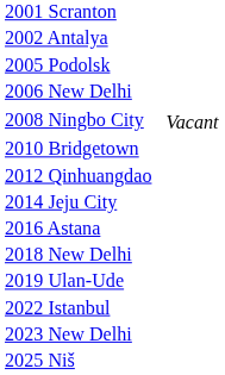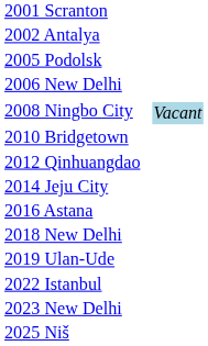 <table>
 <tr>
 <td rowspan=2><a href='#'>2001 Scranton</a></td>
 <td rowspan=2></td>
 <td rowspan=2></td>
 <td></td>
 </tr>
 <tr>
 <td></td>
 </tr>
 <tr>
 <td rowspan=2><a href='#'>2002 Antalya</a></td>
 <td rowspan=2></td>
 <td rowspan=2></td>
 <td></td>
 </tr>
 <tr>
 <td></td>
 </tr>
 <tr>
 <td rowspan=2><a href='#'>2005 Podolsk</a></td>
 <td rowspan=2></td>
 <td rowspan=2></td>
 <td></td>
 </tr>
 <tr>
 <td></td>
 </tr>
 <tr>
 <td rowspan=2><a href='#'>2006 New Delhi</a></td>
 <td rowspan=2></td>
 <td rowspan=2></td>
 <td></td>
 </tr>
 <tr>
 <td></td>
 </tr>
 <tr>
 <td rowspan=2><a href='#'>2008 Ningbo City</a></td>
 <td rowspan=2></td>
 <td rowspan=2></td>
 <td></td>
 </tr>
 <tr>
-<td><em>Vacant</em></td>
+<td style="background: lightblue;"><em>Vacant</em></td>
 </tr>
 <tr>
 <td rowspan=2><a href='#'>2010 Bridgetown</a></td>
 <td rowspan=2></td>
 <td rowspan=2></td>
 <td></td>
 </tr>
 <tr>
 <td></td>
 </tr>
 <tr>
 <td rowspan=2><a href='#'>2012 Qinhuangdao</a></td>
 <td rowspan=2></td>
 <td rowspan=2></td>
 <td></td>
 </tr>
 <tr>
 <td></td>
 </tr>
 <tr>
 <td rowspan=2><a href='#'>2014 Jeju City</a></td>
 <td rowspan=2></td>
 <td rowspan=2></td>
 <td></td>
 </tr>
 <tr>
 <td></td>
 </tr>
 <tr>
 <td rowspan=2><a href='#'>2016 Astana</a></td>
 <td rowspan=2></td>
 <td rowspan=2></td>
 <td></td>
 </tr>
 <tr>
 <td></td>
 </tr>
 <tr>
 <td rowspan=2><a href='#'>2018 New Delhi</a></td>
 <td rowspan=2></td>
 <td rowspan=2></td>
 <td></td>
 </tr>
 <tr>
 <td></td>
 </tr>
 <tr>
 <td rowspan=2><a href='#'>2019 Ulan-Ude</a></td>
 <td rowspan=2></td>
 <td rowspan=2></td>
 <td></td>
 </tr>
 <tr>
 <td></td>
 </tr>
 <tr>
 <td rowspan=2><a href='#'>2022 Istanbul</a></td>
 <td rowspan=2></td>
 <td rowspan=2></td>
 <td></td>
 </tr>
 <tr>
 <td></td>
 </tr>
 <tr>
 <td rowspan=2><a href='#'>2023 New Delhi</a></td>
 <td rowspan=2></td>
 <td rowspan=2></td>
 <td></td>
 </tr>
 <tr>
 <td></td>
 </tr>
 <tr>
 <td rowspan=2><a href='#'>2025 Niš</a></td>
 <td rowspan=2></td>
 <td rowspan=2></td>
 <td></td>
 </tr>
 <tr>
 <td></td>
 </tr>
 </table>
